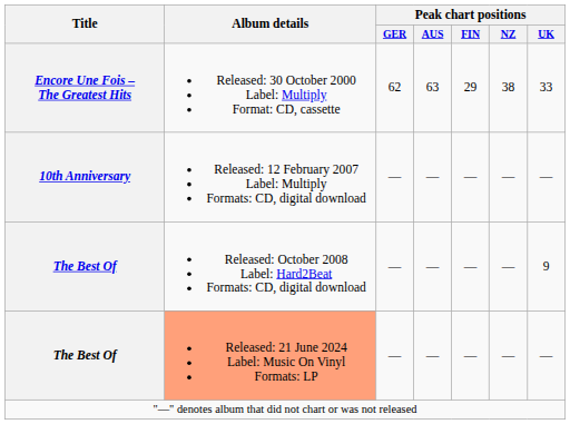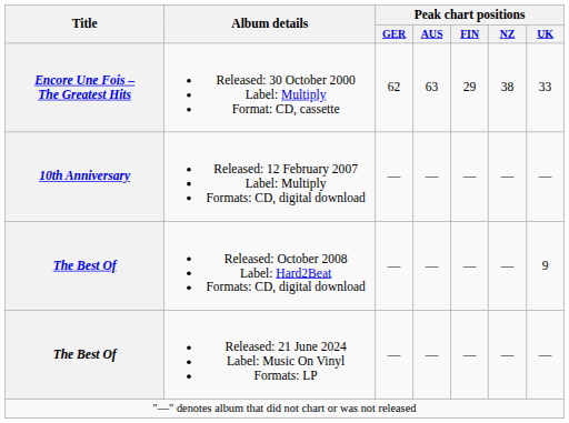 <table class="wikitable plainrowheaders" style="text-align:center;" border="1">
 <tr>
 <th scope="col" rowspan="2" style="width:12em;">Title</th>
 <th scope="col" rowspan="2" style="width:16em;">Album details</th>
 <th scope="col" colspan="5">Peak chart positions</th>
 </tr>
 <tr>
 <th scope="col" style="width:3em;font-size:85%;"><a href='#'>GER</a><br></th>
 <th scope="col" style="width:3em;font-size:85%;"><a href='#'>AUS</a><br></th>
 <th scope="col" style="width:3em;font-size:85%;"><a href='#'>FIN</a><br></th>
 <th scope="col" style="width:3em;font-size:85%;"><a href='#'>NZ</a><br></th>
 <th scope="col" style="width:3em;font-size:85%;"><a href='#'>UK</a><br></th>
 </tr>
 <tr>
 <th scope="row"><em><a href='#'>Encore Une Fois –<br>The Greatest Hits</a></em></th>
 <td><br><ul><li>Released: 30 October 2000</li><li>Label: <a href='#'>Multiply</a></li><li>Format: CD, cassette</li></ul></td>
 <td>62</td>
 <td>63</td>
 <td>29</td>
 <td>38</td>
 <td>33</td>
 </tr>
 <tr>
 <th scope="row"><em><a href='#'>10th Anniversary</a></em></th>
 <td><br><ul><li>Released: 12 February 2007</li><li>Label: Multiply</li><li>Formats: CD, digital download</li></ul></td>
 <td>—</td>
 <td>—</td>
 <td>—</td>
 <td>—</td>
 <td>—</td>
 </tr>
 <tr>
 <th scope="row"><em><a href='#'>The Best Of</a></em></th>
 <td><br><ul><li>Released: October 2008</li><li>Label: <a href='#'>Hard2Beat</a></li><li>Formats: CD, digital download</li></ul></td>
 <td>—</td>
 <td>—</td>
 <td>—</td>
 <td>—</td>
 <td>9</td>
 </tr>
 <tr>
 <th scope="row"><em>The Best Of</em> </th>
-<td style="background: lightsalmon;"><br><ul><li>Released: 21 June 2024</li><li>Label: Music On Vinyl</li><li>Formats: LP</li></ul></td>
+<td><br><ul><li>Released: 21 June 2024</li><li>Label: Music On Vinyl</li><li>Formats: LP</li></ul></td>
 <td>—</td>
 <td>—</td>
 <td>—</td>
 <td>—</td>
 <td>—</td>
 </tr>
 <tr>
 <td align="center" colspan="14" style="font-size:90%">"—" denotes album that did not chart or was not released</td>
 </tr>
 </table>
